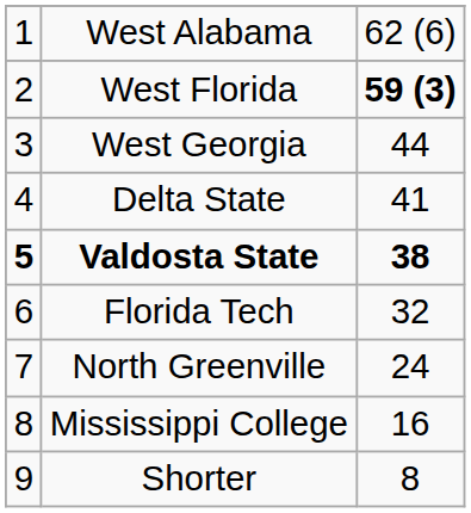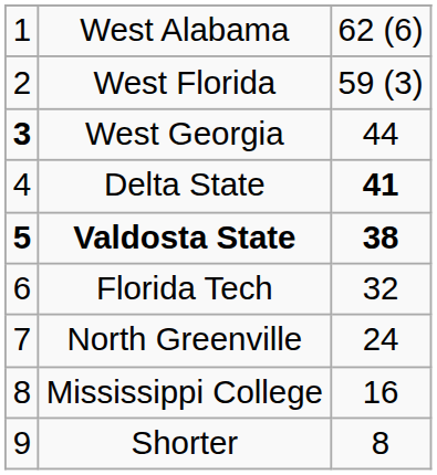 <table class="wikitable">
 <tr align="center">
 </tr>
 <tr align="center">
 <td>1</td>
 <td>West Alabama</td>
 <td>62 (6)</td>
 </tr>
 <tr align="center">
 <td>2</td>
 <td>West Florida</td>
-<td><strong>59 (3)</strong></td>
+<td>59 (3)</td>
 </tr>
 <tr align="center">
-<td>3</td>
+<td><strong>3</strong></td>
 <td>West Georgia</td>
 <td>44</td>
 </tr>
 <tr align="center">
 <td>4</td>
 <td>Delta State</td>
-<td>41</td>
+<td><strong>41</strong></td>
 </tr>
 <tr align="center">
 <td><strong>5</strong></td>
 <td><strong>Valdosta State</strong></td>
 <td><strong>38</strong></td>
 </tr>
 <tr align="center">
 <td>6</td>
 <td>Florida Tech</td>
 <td>32</td>
 </tr>
 <tr align="center">
 <td>7</td>
 <td>North Greenville</td>
 <td>24</td>
 </tr>
 <tr align="center">
 <td>8</td>
 <td>Mississippi College</td>
 <td>16</td>
 </tr>
 <tr align="center">
 <td>9</td>
 <td>Shorter</td>
 <td>8</td>
 </tr>
 </table>
